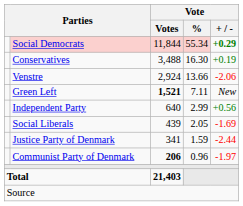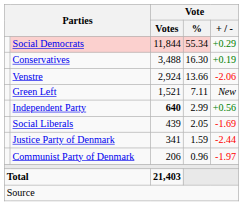 <table class="wikitable" style="text-align:right;">
 <tr>
 <th style="text-align:centre;" rowspan="2" colspan="2" width="225">Parties</th>
 <th colspan="3">Vote</th>
 </tr>
 <tr>
 <th width="15">Votes</th>
 <th width="15">%</th>
 <th width="15">+ / -</th>
 </tr>
 <tr>
 <td width="2" style="color:inherit;background:"></td>
 <td bgcolor=#fbd0ce  align="left"><a href='#'>Social Democrats</a></td>
 <td bgcolor=#fbd0ce>11,844</td>
 <td bgcolor=#fbd0ce>55.34</td>
-<td style=color:green;><strong>+0.29</strong></td>
+<td style=color:green;>+0.29</td>
 </tr>
 <tr>
 <td width="2" style="color:inherit;background:"></td>
 <td align="left"><a href='#'>Conservatives</a></td>
 <td>3,488</td>
 <td>16.30</td>
 <td style=color:green;>+0.19</td>
 </tr>
 <tr>
 <td width="2" style="color:inherit;background:"></td>
 <td align="left"><a href='#'>Venstre</a></td>
 <td>2,924</td>
 <td>13.66</td>
 <td style=color:red;>-2.06</td>
 </tr>
 <tr>
 <td width="2" style="color:inherit;background:"></td>
 <td align="left"><a href='#'>Green Left</a></td>
-<td><strong>1,521</strong></td>
+<td>1,521</td>
 <td>7.11</td>
 <td><em>New</em></td>
 </tr>
 <tr>
 <td width="2" style="color:inherit;background:"></td>
 <td align="left"><a href='#'>Independent Party</a></td>
-<td>640</td>
+<td><strong>640</strong></td>
 <td>2.99</td>
 <td style=color:green;>+0.56</td>
 </tr>
 <tr>
 <td width="2" style="color:inherit;background:"></td>
 <td align="left"><a href='#'>Social Liberals</a></td>
 <td>439</td>
 <td>2.05</td>
 <td style=color:red;>-1.69</td>
 </tr>
 <tr>
 <td width="2" style="color:inherit;background:"></td>
 <td align="left"><a href='#'>Justice Party of Denmark</a></td>
 <td>341</td>
 <td>1.59</td>
 <td style=color:red;>-2.44</td>
 </tr>
 <tr>
 <td width="2" style="color:inherit;background:"></td>
 <td align="left"><a href='#'>Communist Party of Denmark</a></td>
-<td><strong>206</strong></td>
+<td>206</td>
 <td>0.96</td>
 <td style=color:red;>-1.97</td>
 </tr>
 <tr>
 <td colspan="7" bgcolor="#E9E9E9"></td>
 </tr>
 <tr>
 <td align="left" colspan="2"><strong>Total</strong></td>
 <td><strong>21,403</strong></td>
 <td bgcolor="#E9E9E9" colspan="2"></td>
 </tr>
 <tr>
 <td align="left" colspan="6">Source</td>
 </tr>
 </table>
